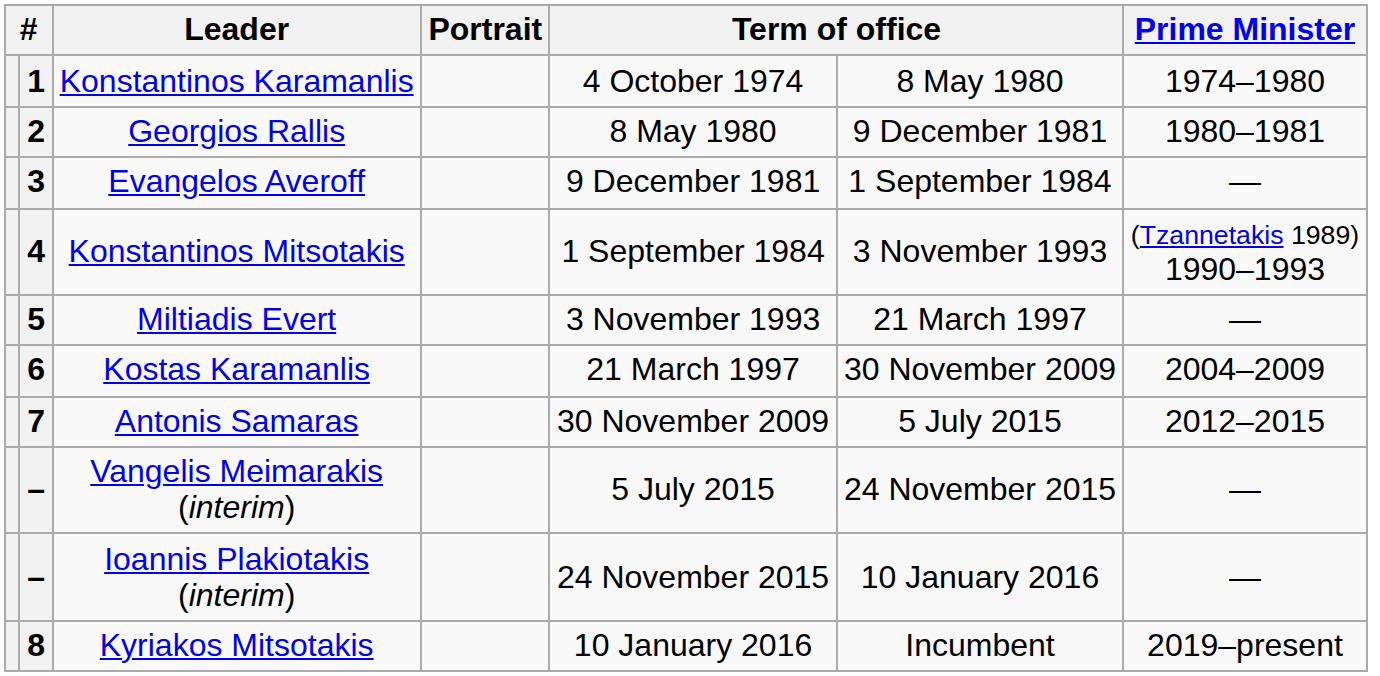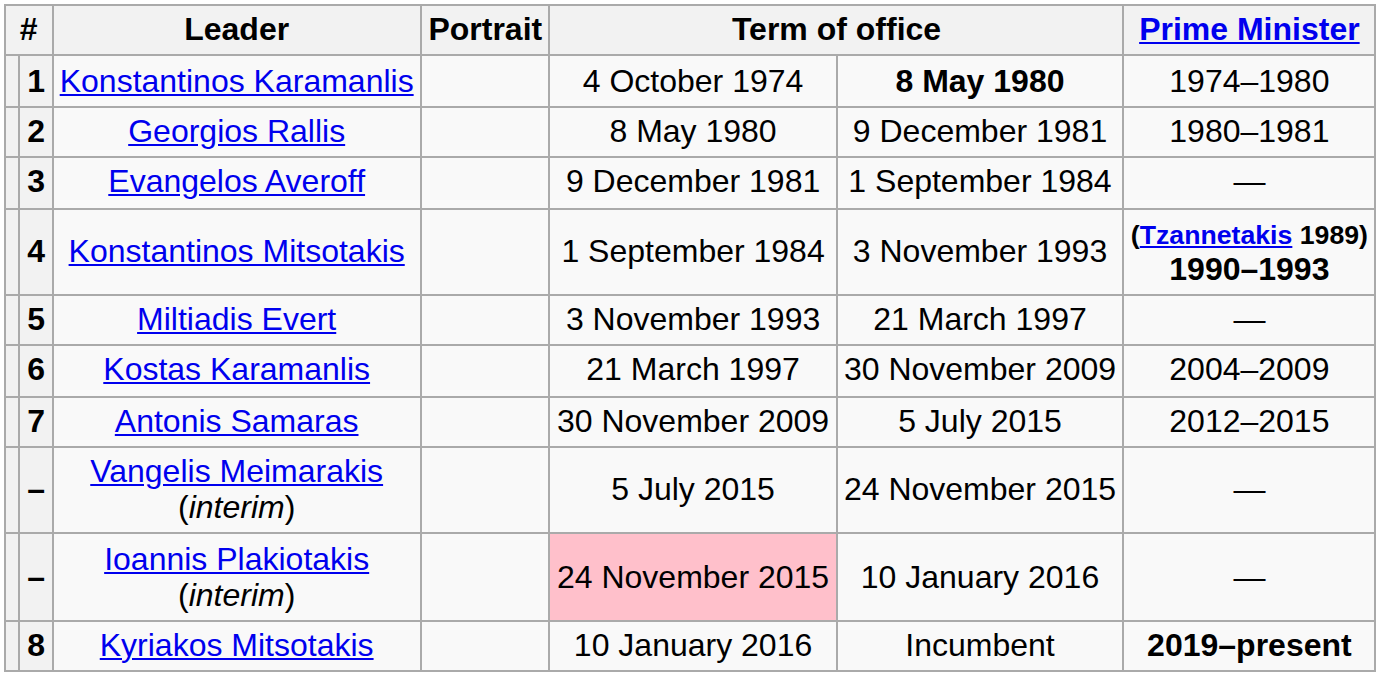 <table class="wikitable"  style="text-align:center;">
 <tr>
 <th colspan=2>#</th>
 <th>Leader</th>
 <th>Portrait</th>
 <th colspan=2>Term of office</th>
 <th><a href='#'>Prime Minister</a></th>
 </tr>
 <tr>
 <th></th>
 <th>1</th>
 <td><a href='#'>Konstantinos Karamanlis</a></td>
 <td></td>
 <td>4 October 1974</td>
-<td>8 May 1980</td>
+<td><strong>8 May 1980</strong></td>
 <td>1974–1980</td>
 </tr>
 <tr>
 <th></th>
 <th>2</th>
 <td><a href='#'>Georgios Rallis</a></td>
 <td></td>
 <td>8 May 1980</td>
 <td>9 December 1981</td>
 <td>1980–1981</td>
 </tr>
 <tr>
 <th></th>
 <th>3</th>
 <td><a href='#'>Evangelos Averoff</a></td>
 <td></td>
 <td>9 December 1981</td>
 <td>1 September 1984</td>
 <td>—</td>
 </tr>
 <tr>
 <th></th>
 <th>4</th>
 <td><a href='#'>Konstantinos Mitsotakis</a></td>
 <td></td>
 <td>1 September 1984</td>
 <td>3 November 1993</td>
-<td><small>(<a href='#'>Tzannetakis</a> 1989)</small><br>1990–1993</td>
+<td><strong><small>(<a href='#'>Tzannetakis</a> 1989)</small><br>1990–1993</strong></td>
 </tr>
 <tr>
 <th></th>
 <th>5</th>
 <td><a href='#'>Miltiadis Evert</a></td>
 <td></td>
 <td>3 November 1993</td>
 <td>21 March 1997</td>
 <td>—</td>
 </tr>
 <tr>
 <th></th>
 <th>6</th>
 <td><a href='#'>Kostas Karamanlis</a></td>
 <td></td>
 <td>21 March 1997</td>
 <td>30 November 2009</td>
 <td>2004–2009</td>
 </tr>
 <tr>
 <th></th>
 <th>7</th>
 <td><a href='#'>Antonis Samaras</a></td>
 <td></td>
 <td>30 November 2009</td>
 <td>5 July 2015</td>
 <td>2012–2015</td>
 </tr>
 <tr>
 <th></th>
 <th>–</th>
 <td><a href='#'>Vangelis Meimarakis</a><br>(<em>interim</em>)</td>
 <td></td>
 <td>5 July 2015</td>
 <td>24 November 2015</td>
 <td>—</td>
 </tr>
 <tr>
 <th></th>
 <th>–</th>
 <td><a href='#'>Ioannis Plakiotakis</a><br>(<em>interim</em>)</td>
 <td></td>
-<td>24 November 2015</td>
+<td style="background: pink;">24 November 2015</td>
 <td>10 January 2016</td>
 <td>—</td>
 </tr>
 <tr>
 <th></th>
 <th>8</th>
 <td><a href='#'>Kyriakos Mitsotakis</a></td>
 <td></td>
 <td>10 January 2016</td>
 <td>Incumbent</td>
-<td>2019–present</td>
+<td><strong>2019–present</strong></td>
 </tr>
 </table>
